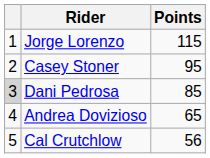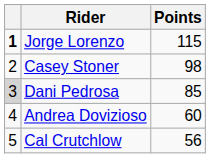 <table class="wikitable" style="font-size: 95%;">
 <tr>
 <th></th>
 <th>Rider</th>
 <th>Points</th>
 </tr>
 <tr>
-<td align=center>1</td>
+<td align=center><strong>1</strong></td>
 <td> <a href='#'>Jorge Lorenzo</a></td>
 <td align=right>115</td>
 </tr>
 <tr>
 <td align=center>2</td>
 <td> <a href='#'>Casey Stoner</a></td>
-<td align=right>95</td>
+<td align=right>98</td>
 </tr>
 <tr>
 <td align=center style="background: lightgrey;">3</td>
 <td> <a href='#'>Dani Pedrosa</a></td>
 <td align=right>85</td>
 </tr>
 <tr>
 <td align=center>4</td>
 <td> <a href='#'>Andrea Dovizioso</a></td>
-<td align=right>65</td>
+<td align=right>60</td>
 </tr>
 <tr>
 <td align=center>5</td>
 <td> <a href='#'>Cal Crutchlow</a></td>
 <td align=right>56</td>
 </tr>
 </table>
